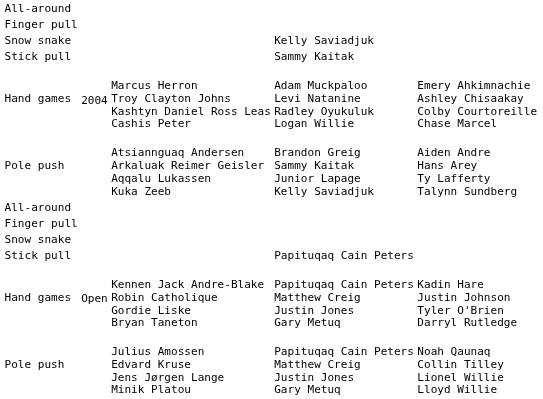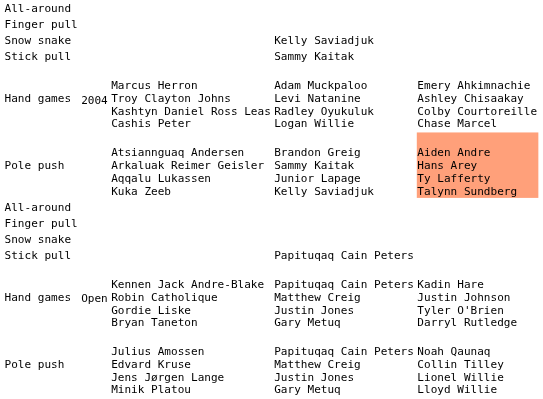 <table>
 <tr>
 <td>All-around</td>
 <td rowspan=6>2004</td>
 <td></td>
 <td nowrap></td>
 <td></td>
 </tr>
 <tr>
 <td>Finger pull</td>
 <td></td>
 <td></td>
 <td></td>
 </tr>
 <tr>
 <td>Snow snake</td>
 <td></td>
 <td>Kelly Saviadjuk<br></td>
 <td></td>
 </tr>
 <tr>
 <td>Stick pull</td>
 <td></td>
 <td>Sammy Kaitak<br></td>
 <td></td>
 </tr>
 <tr>
 <td>Hand games</td>
 <td nowrap><br>Marcus Herron<br>Troy Clayton Johns<br>Kashtyn Daniel Ross Leas<br>Cashis Peter</td>
 <td><br>Adam Muckpaloo<br>Levi Natanine<br>Radley Oyukuluk<br>Logan Willie</td>
 <td><br>Emery Ahkimnachie<br>Ashley Chisaakay<br>Colby Courtoreille<br>Chase Marcel</td>
 </tr>
 <tr>
 <td>Pole push</td>
 <td><br>Atsiannguaq Andersen<br>Arkaluak Reimer Geisler<br>Aqqalu Lukassen<br>Kuka Zeeb</td>
 <td><br>Brandon Greig<br>Sammy Kaitak<br>Junior Lapage<br>Kelly Saviadjuk</td>
-<td nowrap><br>Aiden Andre<br>Hans Arey<br>Ty Lafferty<br>Talynn Sundberg</td>
+<td nowrap style="background: lightsalmon;"><br>Aiden Andre<br>Hans Arey<br>Ty Lafferty<br>Talynn Sundberg</td>
 </tr>
 <tr>
 <td>All-around</td>
 <td rowspan=6>Open</td>
 <td></td>
 <td></td>
 <td></td>
 </tr>
 <tr>
 <td>Finger pull</td>
 <td></td>
 <td></td>
 <td></td>
 </tr>
 <tr>
 <td>Snow snake</td>
 <td></td>
 <td></td>
 <td></td>
 </tr>
 <tr>
 <td>Stick pull</td>
 <td></td>
 <td>Papituqaq Cain Peters<br></td>
 <td></td>
 </tr>
 <tr>
 <td>Hand games</td>
 <td nowrap><br>Kennen Jack Andre-Blake<br>Robin Catholique<br>Gordie Liske<br>Bryan Taneton</td>
 <td><br>Papituqaq Cain Peters<br>Matthew Creig<br>Justin Jones<br>Gary Metuq</td>
 <td><br>Kadin Hare<br>Justin Johnson<br>Tyler O'Brien<br>Darryl Rutledge</td>
 </tr>
 <tr>
 <td>Pole push</td>
 <td><br>Julius Amossen<br>Edvard Kruse<br>Jens Jørgen Lange<br>Minik Platou</td>
 <td><br>Papituqaq Cain Peters<br>Matthew Creig<br>Justin Jones<br>Gary Metuq</td>
 <td><br>Noah Qaunaq<br>Collin Tilley<br>Lionel Willie<br>Lloyd Willie</td>
 </tr>
 </table>
